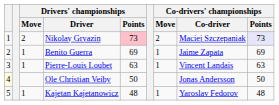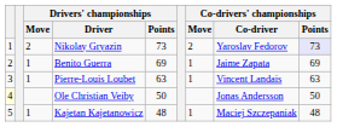 <table class="wikitable" style="font-size:85%;">
 <tr>
 <th rowspan="2"></th>
 <th rowspan="7" style="width:5px;"></th>
 <th colspan="3">Drivers' championships</th>
 <th rowspan="7" style="width:5px;"></th>
 <th colspan="3">Co-drivers' championships</th>
 </tr>
 <tr>
 <th>Move</th>
 <th>Driver</th>
 <th>Points</th>
 <th>Move</th>
 <th>Co-driver</th>
 <th>Points</th>
 </tr>
 <tr>
 <td align="center">1</td>
 <td> 2</td>
 <td><a href='#'>Nikolay Gryazin</a></td>
-<td align="center" style="background: pink;">73</td>
+<td align="center">73</td>
 <td> 2</td>
-<td nowrap><a href='#'>Maciej Szczepaniak</a></td>
+<td><a href='#'>Yaroslav Fedorov</a></td>
 <td align="center" style="background: lavender;">73</td>
 </tr>
 <tr>
 <td align="center">2</td>
 <td> 1</td>
 <td><a href='#'>Benito Guerra</a></td>
 <td align="center">69</td>
 <td> 1</td>
 <td><a href='#'>Jaime Zapata</a></td>
 <td align="center">69</td>
 </tr>
 <tr>
 <td align="center">3</td>
 <td> 1</td>
 <td nowrap><a href='#'>Pierre-Louis Loubet</a></td>
 <td align="center">63</td>
 <td> 1</td>
 <td><a href='#'>Vincent Landais</a></td>
 <td align="center">63</td>
 </tr>
 <tr>
 <td align="center" style="background: lightyellow;">4</td>
 <td></td>
 <td><a href='#'>Ole Christian Veiby</a></td>
 <td align="center">50</td>
 <td></td>
 <td><a href='#'>Jonas Andersson</a></td>
 <td align="center">50</td>
 </tr>
 <tr>
 <td align="center">5</td>
 <td> 1</td>
 <td nowrap><a href='#'>Kajetan Kajetanowicz</a></td>
 <td align="center">48</td>
 <td> 1</td>
-<td><a href='#'>Yaroslav Fedorov</a></td>
+<td nowrap><a href='#'>Maciej Szczepaniak</a></td>
 <td align="center">48</td>
 </tr>
 </table>
